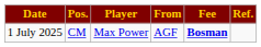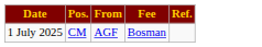 <table class="wikitable plainrowheaders sortable">
 <tr>
 <th style="color:#FFCC00; background:#800000; ">Date</th>
 <th style="color:#FFCC00; background:#800000; ">Pos.</th>
-<th style="color:#FFCC00; background:#800000; ">Player</th>
 <th style="color:#FFCC00; background:#800000; ">From</th>
 <th style="color:#FFCC00; background:#800000; ">Fee</th>
 <th style="color:#FFCC00; background:#800000; ">Ref.</th>
 </tr>
 <tr>
 <td>1 July 2025</td>
 <td><a href='#'>CM</a></td>
-<td> <a href='#'>Max Power</a></td>
 <td> <a href='#'>AGF</a></td>
-<td><strong><a href='#'>Bosman</a></strong></td>
+<td><a href='#'>Bosman</a></td>
 <td></td>
 </tr>
 </table>
